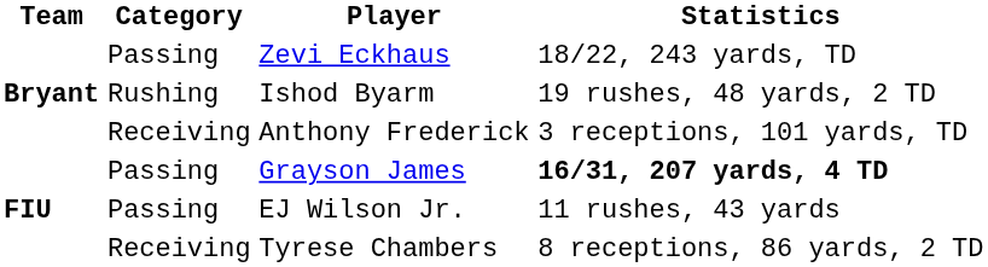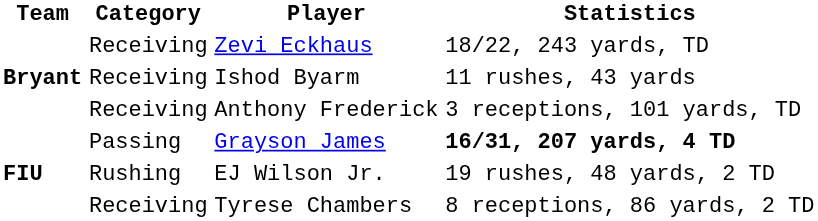 <table class="wiki table" style="float: left;">
 <tr>
 <th>Team</th>
 <th>Category</th>
 <th>Player</th>
 <th>Statistics</th>
 </tr>
 <tr>
 <td rowspan=3><strong>Bryant</strong></td>
-<td>Passing</td>
+<td>Receiving</td>
 <td><a href='#'>Zevi Eckhaus</a></td>
 <td>18/22, 243 yards, TD</td>
 </tr>
 <tr>
-<td>Rushing</td>
+<td>Receiving</td>
 <td>Ishod Byarm</td>
-<td>19 rushes, 48 yards, 2 TD</td>
+<td>11 rushes, 43 yards</td>
 </tr>
 <tr>
 <td>Receiving</td>
 <td>Anthony Frederick</td>
 <td>3 receptions, 101 yards, TD</td>
 </tr>
 <tr>
 <td rowspan=3><strong>FIU</strong></td>
 <td>Passing</td>
 <td><a href='#'>Grayson James</a></td>
 <td><strong>16/31, 207 yards, 4 TD</strong></td>
 </tr>
 <tr>
-<td>Passing</td>
+<td>Rushing</td>
 <td>EJ Wilson Jr.</td>
-<td>11 rushes, 43 yards</td>
+<td>19 rushes, 48 yards, 2 TD</td>
 </tr>
 <tr>
 <td>Receiving</td>
 <td>Tyrese Chambers</td>
 <td>8 receptions, 86 yards, 2 TD</td>
 </tr>
 </table>
